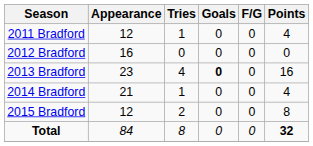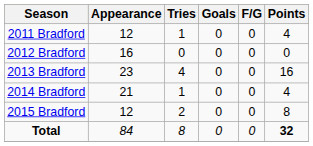 <table class="wikitable" style="text-align:center;">
 <tr bgcolor=#bdb76b>
 <th>Season</th>
 <th>Appearance</th>
 <th>Tries</th>
 <th>Goals</th>
 <th>F/G</th>
 <th>Points</th>
 </tr>
 <tr>
 <td><a href='#'>2011 Bradford</a></td>
 <td>12</td>
 <td>1</td>
 <td>0</td>
 <td>0</td>
 <td>4</td>
 </tr>
 <tr>
 <td><a href='#'>2012 Bradford</a></td>
 <td>16</td>
 <td>0</td>
 <td>0</td>
 <td>0</td>
 <td>0</td>
 </tr>
 <tr>
 <td><a href='#'>2013 Bradford</a></td>
 <td>23</td>
 <td>4</td>
-<td><strong>0</strong></td>
+<td>0</td>
 <td>0</td>
 <td>16</td>
 </tr>
 <tr>
 <td><a href='#'>2014 Bradford</a></td>
 <td>21</td>
 <td>1</td>
 <td>0</td>
 <td>0</td>
 <td>4</td>
 </tr>
 <tr>
 <td><a href='#'>2015 Bradford</a></td>
 <td>12</td>
 <td>2</td>
 <td>0</td>
 <td>0</td>
 <td>8</td>
 </tr>
 <tr>
 <td><strong>Total</strong></td>
 <td><em>84</em></td>
 <td><em>8</em></td>
 <td><em>0</em></td>
 <td><em>0</em></td>
 <td><strong>32</strong></td>
 </tr>
 <tr>
 </tr>
 </table>
